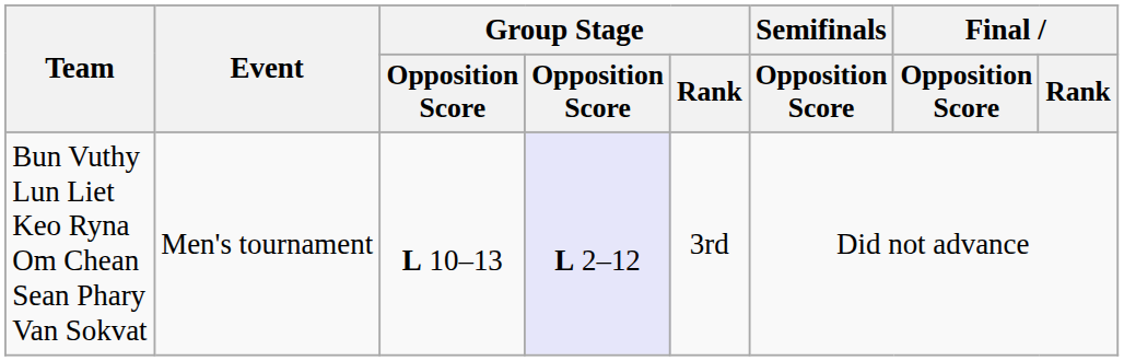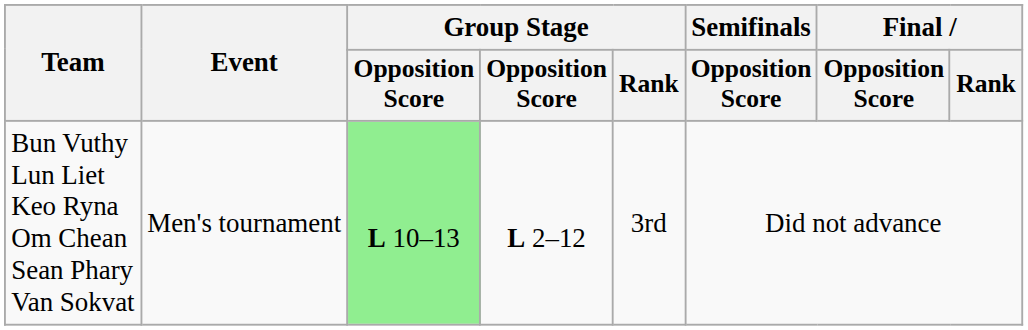 <table class="wikitable" style="font-size:90%">
 <tr>
 <th rowspan=2>Team</th>
 <th rowspan=2>Event</th>
 <th colspan=3>Group Stage</th>
 <th>Semifinals</th>
 <th colspan=2>Final / </th>
 </tr>
 <tr style="font-size:95%">
 <th>Opposition<br>Score</th>
 <th>Opposition<br>Score</th>
 <th>Rank</th>
 <th>Opposition<br>Score</th>
 <th>Opposition<br>Score</th>
 <th>Rank</th>
 </tr>
 <tr style="text-align:center">
 <td style="text-align:left">Bun Vuthy<br>Lun Liet<br>Keo Ryna<br>Om Chean<br>Sean Phary<br>Van Sokvat</td>
 <td style="text-align:left">Men's tournament</td>
-<td><br><strong>L</strong> 10–13</td>
-<td style="background: lavender;"><br><strong>L</strong> 2–12</td>
+<td style="background: lightgreen;"><br><strong>L</strong> 10–13</td>
+<td><br><strong>L</strong> 2–12</td>
 <td>3rd</td>
 <td colspan=3>Did not advance</td>
 </tr>
 </table>
